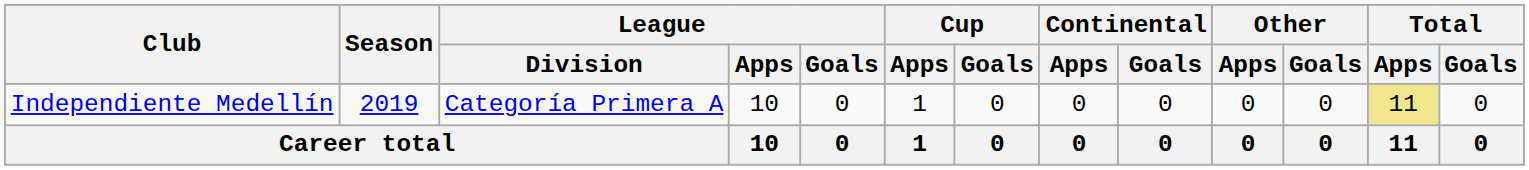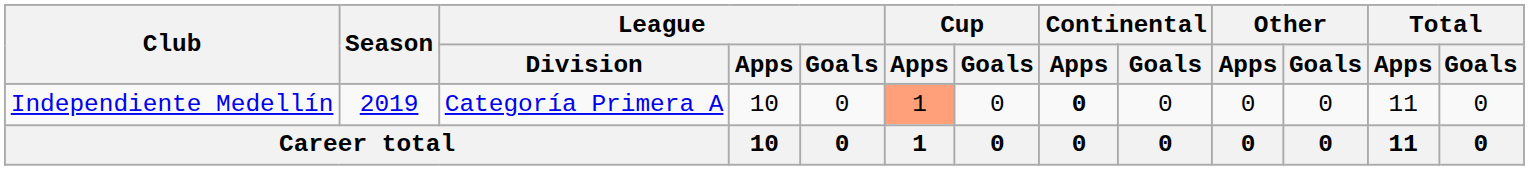 <table class="wikitable" style="text-align: center">
 <tr>
 <th rowspan="2">Club</th>
 <th rowspan="2">Season</th>
 <th colspan="3">League</th>
 <th colspan="2">Cup</th>
 <th colspan="2">Continental</th>
 <th colspan="2">Other</th>
 <th colspan="2">Total</th>
 </tr>
 <tr>
 <th>Division</th>
 <th>Apps</th>
 <th>Goals</th>
 <th>Apps</th>
 <th>Goals</th>
 <th>Apps</th>
 <th>Goals</th>
 <th>Apps</th>
 <th>Goals</th>
 <th>Apps</th>
 <th>Goals</th>
 </tr>
 <tr>
 <td><a href='#'>Independiente Medellín</a></td>
 <td><a href='#'>2019</a></td>
 <td><a href='#'>Categoría Primera A</a></td>
 <td>10</td>
 <td>0</td>
-<td>1</td>
+<td style="background: lightsalmon;">1</td>
+<td>0</td>
+<td><strong>0</strong></td>
 <td>0</td>
 <td>0</td>
 <td>0</td>
-<td>0</td>
-<td>0</td>
-<td style="background: khaki;">11</td>
+<td>11</td>
 <td>0</td>
 </tr>
 <tr>
 <th colspan="3"><strong>Career total</strong></th>
 <th>10</th>
 <th>0</th>
 <th>1</th>
 <th>0</th>
 <th>0</th>
 <th>0</th>
 <th>0</th>
 <th>0</th>
 <th>11</th>
 <th>0</th>
 </tr>
 </table>
